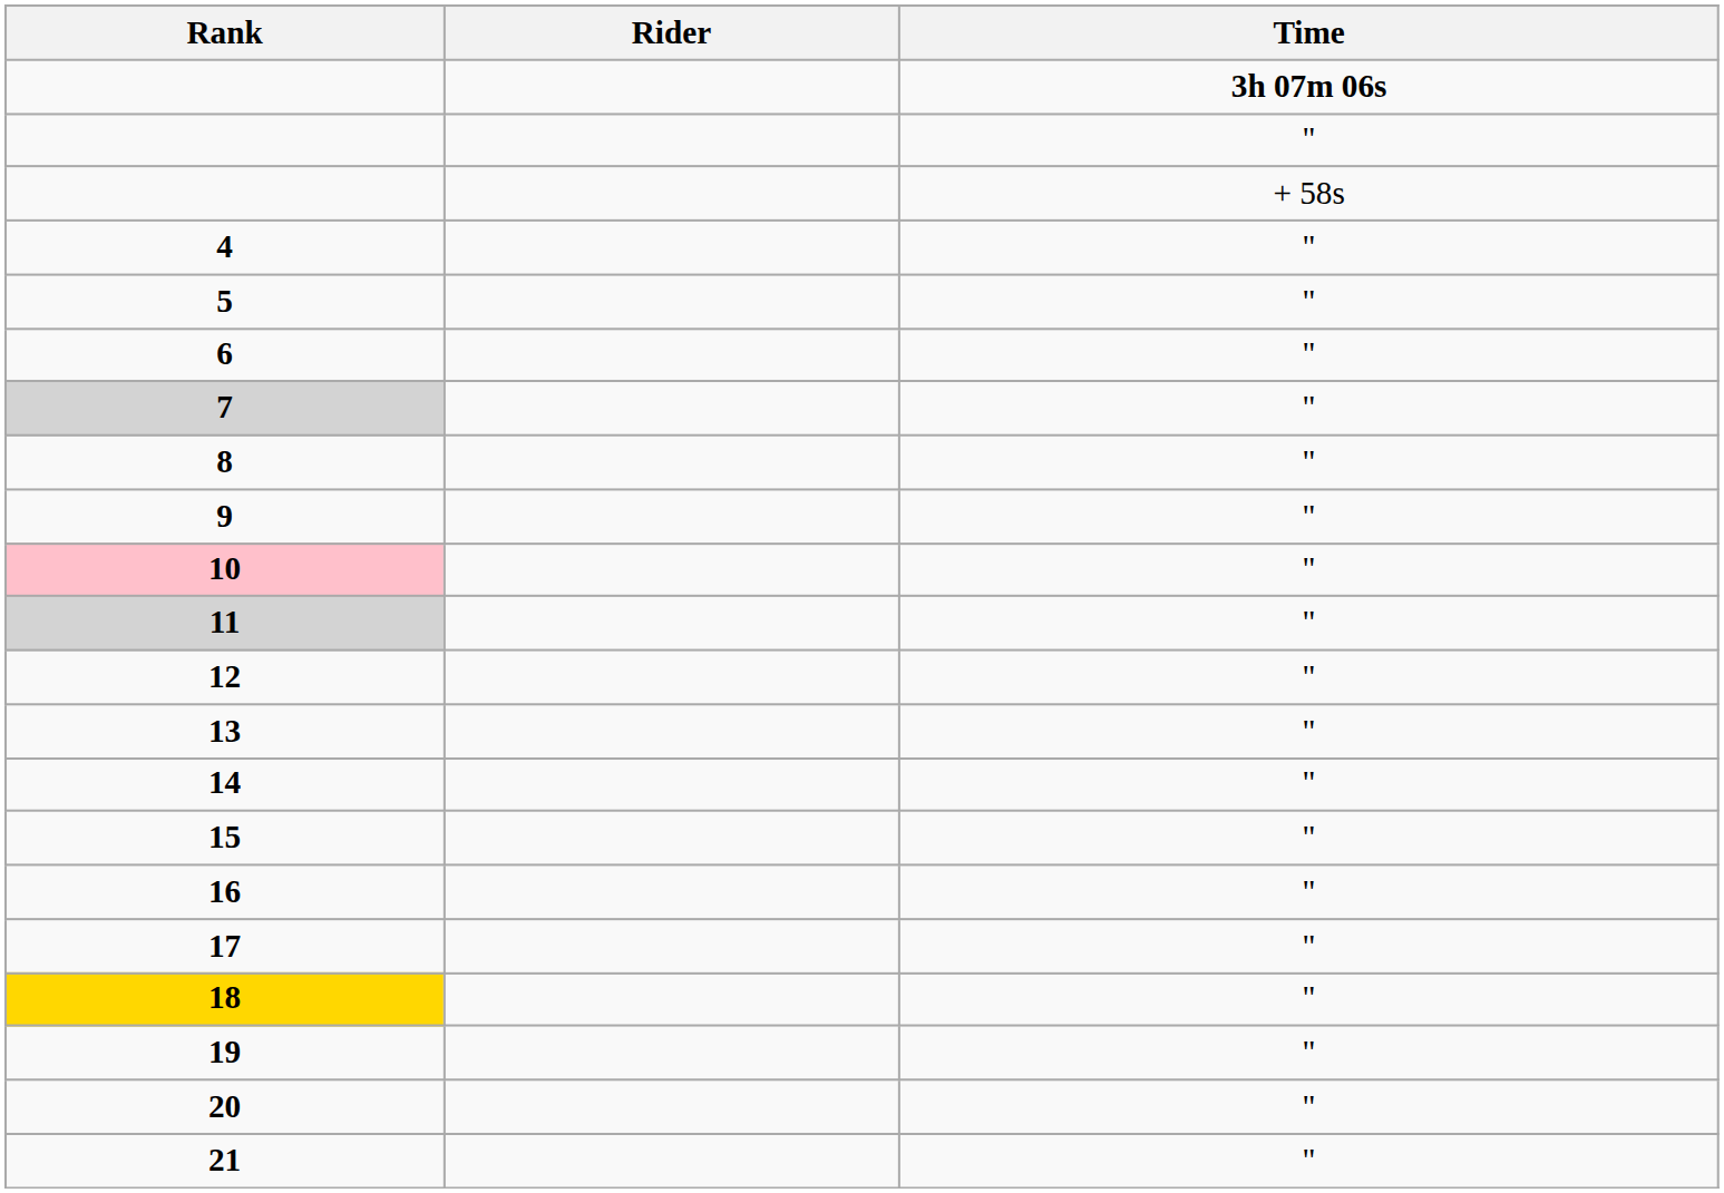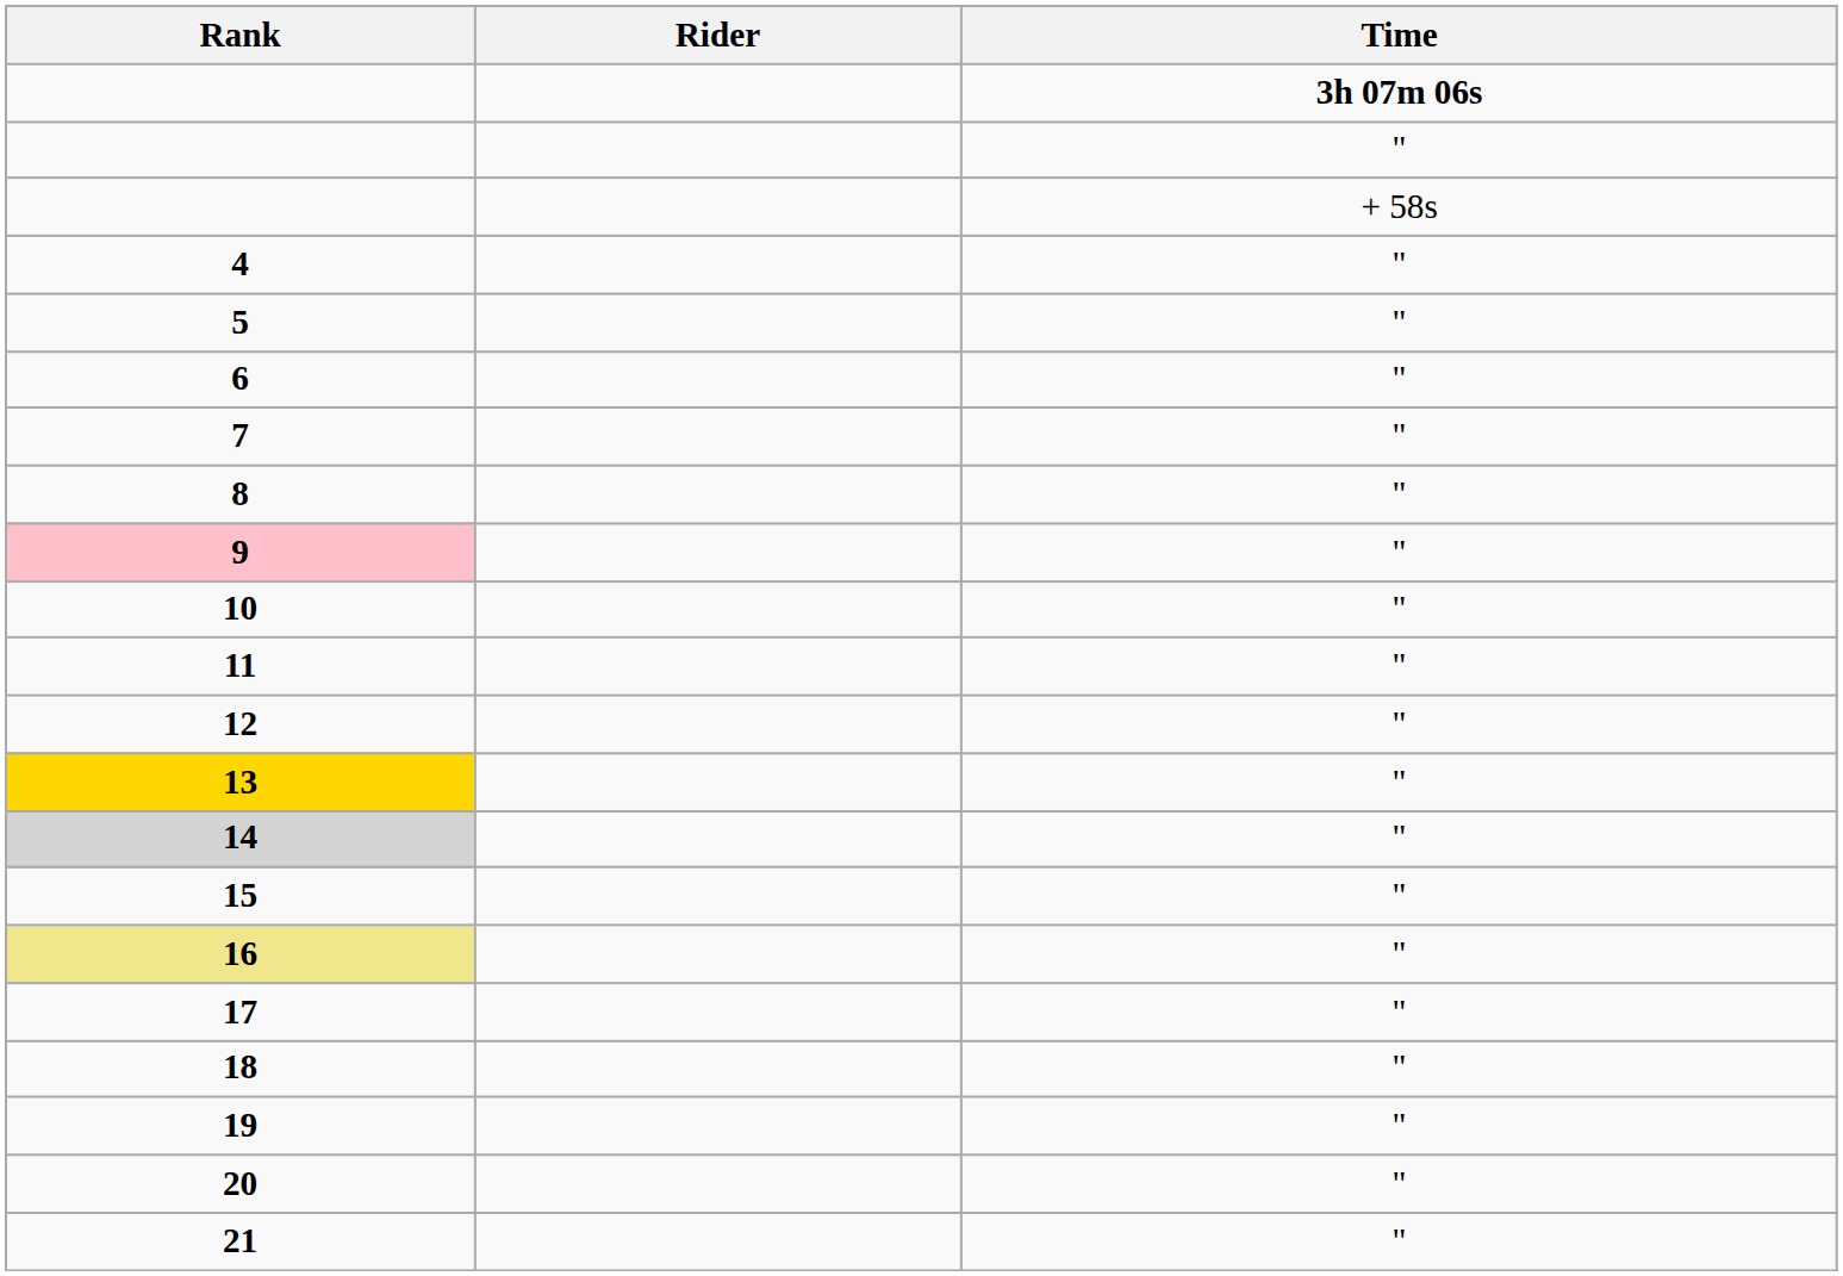 <table class=wikitable  style="text-align:center; font-size:90%;" width="60%">
 <tr>
 <th>Rank</th>
 <th>Rider</th>
 <th>Time</th>
 </tr>
 <tr>
 <td></td>
 <td align="left"></td>
 <td><strong>3h 07m 06s</strong></td>
 </tr>
 <tr>
 <td></td>
 <td align="left"></td>
 <td>"</td>
 </tr>
 <tr>
 <td></td>
 <td align="left"></td>
 <td>+ 58s</td>
 </tr>
 <tr>
 <td><strong>4</strong></td>
 <td align="left"></td>
 <td>"</td>
 </tr>
 <tr>
 <td><strong>5</strong></td>
 <td align="left"></td>
 <td>"</td>
 </tr>
 <tr>
 <td><strong>6</strong></td>
 <td align="left"></td>
 <td>"</td>
 </tr>
 <tr>
-<td style="background: lightgrey;"><strong>7</strong></td>
+<td><strong>7</strong></td>
 <td align="left"></td>
 <td>"</td>
 </tr>
 <tr>
 <td><strong>8</strong></td>
 <td align="left"></td>
 <td>"</td>
 </tr>
 <tr>
-<td><strong>9</strong></td>
+<td style="background: pink;"><strong>9</strong></td>
 <td align="left"></td>
 <td>"</td>
 </tr>
 <tr>
-<td style="background: pink;"><strong>10</strong></td>
+<td><strong>10</strong></td>
 <td align="left"></td>
 <td>"</td>
 </tr>
 <tr>
-<td style="background: lightgrey;"><strong>11</strong></td>
+<td><strong>11</strong></td>
 <td align="left"></td>
 <td>"</td>
 </tr>
 <tr>
 <td><strong>12</strong></td>
 <td align="left"></td>
 <td>"</td>
 </tr>
 <tr>
-<td><strong>13</strong></td>
+<td style="background: gold;"><strong>13</strong></td>
 <td align="left"></td>
 <td>"</td>
 </tr>
 <tr>
-<td><strong>14</strong></td>
+<td style="background: lightgrey;"><strong>14</strong></td>
 <td align="left"></td>
 <td>"</td>
 </tr>
 <tr>
 <td><strong>15</strong></td>
 <td align="left"></td>
 <td>"</td>
 </tr>
 <tr>
-<td><strong>16</strong></td>
+<td style="background: khaki;"><strong>16</strong></td>
 <td align="left"></td>
 <td>"</td>
 </tr>
 <tr>
 <td><strong>17</strong></td>
 <td align="left"></td>
 <td>"</td>
 </tr>
 <tr>
-<td style="background: gold;"><strong>18</strong></td>
+<td><strong>18</strong></td>
 <td align="left"></td>
 <td>"</td>
 </tr>
 <tr>
 <td><strong>19</strong></td>
 <td align="left"></td>
 <td>"</td>
 </tr>
 <tr>
 <td><strong>20</strong></td>
 <td align="left"></td>
 <td>"</td>
 </tr>
 <tr>
 <td><strong>21</strong></td>
 <td align="left"></td>
 <td>"</td>
 </tr>
 <tr>
 </tr>
 </table>
